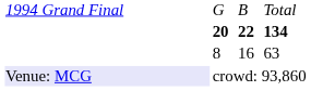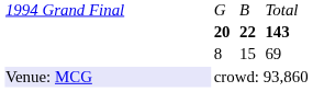 <table style="margin-right:4px; margin-top:4px; float:right; border:1px No.">
 <tr>
 <td width=200><em><a href='#'>1994 Grand Final</a></em></td>
 <td><em>G</em></td>
 <td><em>B</em></td>
 <td><em>Total</em></td>
 </tr>
 <tr>
 <td style="text-align:left"></td>
 <td><strong>20</strong></td>
 <td><strong>22</strong></td>
-<td><strong>134</strong></td>
+<td><strong>143</strong></td>
 </tr>
 <tr>
 <td style="text-align:left"></td>
 <td>8</td>
-<td>16</td>
-<td>63</td>
+<td>15</td>
+<td>69</td>
 </tr>
 <tr>
 <td style="background: lavender;">Venue: <a href='#'>MCG</a></td>
 <td colspan=3>crowd: 93,860</td>
 </tr>
 </table>
